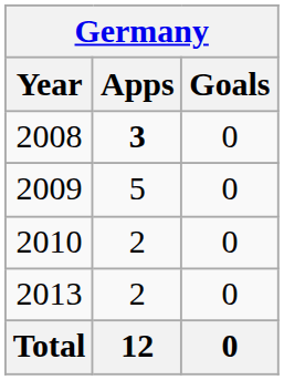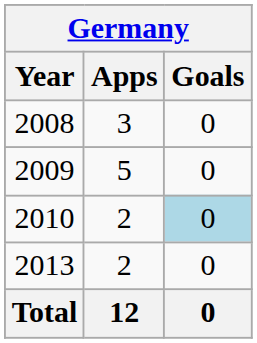 <table class="wikitable" style="text-align:center">
 <tr>
 <th colspan=3><a href='#'>Germany</a></th>
 </tr>
 <tr>
 <th>Year</th>
 <th>Apps</th>
 <th>Goals</th>
 </tr>
 <tr>
 <td>2008</td>
-<td><strong>3</strong></td>
+<td>3</td>
 <td>0</td>
 </tr>
 <tr>
 <td>2009</td>
 <td>5</td>
 <td>0</td>
 </tr>
 <tr>
 <td>2010</td>
 <td>2</td>
-<td>0</td>
+<td style="background: lightblue;">0</td>
 </tr>
 <tr>
 <td>2013</td>
 <td>2</td>
 <td>0</td>
 </tr>
 <tr>
 <th>Total</th>
 <th>12</th>
 <th>0</th>
 </tr>
 </table>
